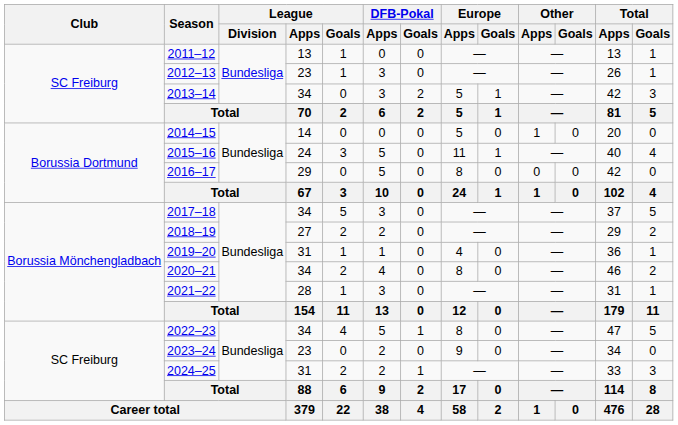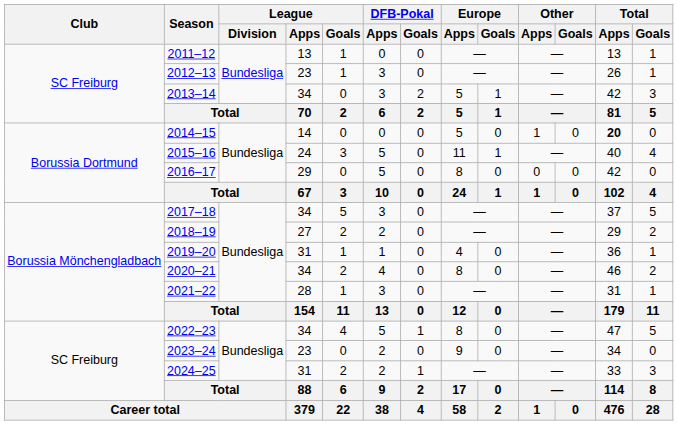 <table class="wikitable" style="text-align:center">
 <tr>
 <th rowspan="2">Club</th>
 <th rowspan="2">Season</th>
 <th colspan="3">League</th>
 <th colspan="2"><a href='#'>DFB-Pokal</a></th>
 <th colspan="2">Europe</th>
 <th colspan="2">Other</th>
 <th colspan="2">Total</th>
 </tr>
 <tr>
 <th>Division</th>
 <th>Apps</th>
 <th>Goals</th>
 <th>Apps</th>
 <th>Goals</th>
 <th>Apps</th>
 <th>Goals</th>
 <th>Apps</th>
 <th>Goals</th>
 <th>Apps</th>
 <th>Goals</th>
 </tr>
 <tr>
 <td rowspan="4"><a href='#'>SC Freiburg</a></td>
 <td><a href='#'>2011–12</a></td>
 <td rowspan="3"><a href='#'>Bundesliga</a></td>
 <td>13</td>
 <td>1</td>
 <td>0</td>
 <td>0</td>
 <td colspan="2">—</td>
 <td colspan="2">—</td>
 <td>13</td>
 <td>1</td>
 </tr>
 <tr>
 <td><a href='#'>2012–13</a></td>
 <td>23</td>
 <td>1</td>
 <td>3</td>
 <td>0</td>
 <td colspan="2">—</td>
 <td colspan="2">—</td>
 <td>26</td>
 <td>1</td>
 </tr>
 <tr>
 <td><a href='#'>2013–14</a></td>
 <td>34</td>
 <td>0</td>
 <td>3</td>
 <td>2</td>
 <td>5</td>
 <td>1</td>
 <td colspan="2">—</td>
 <td>42</td>
 <td>3</td>
 </tr>
 <tr>
 <th colspan="2">Total</th>
 <th>70</th>
 <th>2</th>
 <th>6</th>
 <th>2</th>
 <th>5</th>
 <th>1</th>
 <th colspan="2">—</th>
 <th>81</th>
 <th>5</th>
 </tr>
 <tr>
 <td rowspan="4"><a href='#'>Borussia Dortmund</a></td>
 <td><a href='#'>2014–15</a></td>
 <td rowspan="3">Bundesliga</td>
 <td>14</td>
 <td>0</td>
 <td>0</td>
 <td>0</td>
 <td>5</td>
 <td>0</td>
 <td>1</td>
 <td>0</td>
-<td>20</td>
+<td><strong>20</strong></td>
 <td>0</td>
 </tr>
 <tr>
 <td><a href='#'>2015–16</a></td>
 <td>24</td>
 <td>3</td>
 <td>5</td>
 <td>0</td>
 <td>11</td>
 <td>1</td>
 <td colspan="2">—</td>
 <td>40</td>
 <td>4</td>
 </tr>
 <tr>
 <td><a href='#'>2016–17</a></td>
 <td>29</td>
 <td>0</td>
 <td>5</td>
 <td>0</td>
 <td>8</td>
 <td>0</td>
 <td>0</td>
 <td>0</td>
 <td>42</td>
 <td>0</td>
 </tr>
 <tr>
 <th colspan="2">Total</th>
 <th>67</th>
 <th>3</th>
 <th>10</th>
 <th>0</th>
 <th>24</th>
 <th>1</th>
 <th>1</th>
 <th>0</th>
 <th>102</th>
 <th>4</th>
 </tr>
 <tr>
 <td rowspan="6"><a href='#'>Borussia Mönchengladbach</a></td>
 <td><a href='#'>2017–18</a></td>
 <td rowspan="5">Bundesliga</td>
 <td>34</td>
 <td>5</td>
 <td>3</td>
 <td>0</td>
 <td colspan="2">—</td>
 <td colspan="2">—</td>
 <td>37</td>
 <td>5</td>
 </tr>
 <tr>
 <td><a href='#'>2018–19</a></td>
 <td>27</td>
 <td>2</td>
 <td>2</td>
 <td>0</td>
 <td colspan="2">—</td>
 <td colspan="2">—</td>
 <td>29</td>
 <td>2</td>
 </tr>
 <tr>
 <td><a href='#'>2019–20</a></td>
 <td>31</td>
 <td>1</td>
 <td>1</td>
 <td>0</td>
 <td>4</td>
 <td>0</td>
 <td colspan="2">—</td>
 <td>36</td>
 <td>1</td>
 </tr>
 <tr>
 <td><a href='#'>2020–21</a></td>
 <td>34</td>
 <td>2</td>
 <td>4</td>
 <td>0</td>
 <td>8</td>
 <td>0</td>
 <td colspan="2">—</td>
 <td>46</td>
 <td>2</td>
 </tr>
 <tr>
 <td><a href='#'>2021–22</a></td>
 <td>28</td>
 <td>1</td>
 <td>3</td>
 <td>0</td>
 <td colspan="2">—</td>
 <td colspan="2">—</td>
 <td>31</td>
 <td>1</td>
 </tr>
 <tr>
 <th colspan="2">Total</th>
 <th>154</th>
 <th>11</th>
 <th>13</th>
 <th>0</th>
 <th>12</th>
 <th>0</th>
 <th colspan="2">—</th>
 <th>179</th>
 <th>11</th>
 </tr>
 <tr>
 <td rowspan="4">SC Freiburg</td>
 <td><a href='#'>2022–23</a></td>
 <td rowspan="3">Bundesliga</td>
 <td>34</td>
 <td>4</td>
 <td>5</td>
 <td>1</td>
 <td>8</td>
 <td>0</td>
 <td colspan="2">—</td>
 <td>47</td>
 <td>5</td>
 </tr>
 <tr>
 <td><a href='#'>2023–24</a></td>
 <td>23</td>
 <td>0</td>
 <td>2</td>
 <td>0</td>
 <td>9</td>
 <td>0</td>
 <td colspan="2">—</td>
 <td>34</td>
 <td>0</td>
 </tr>
 <tr>
 <td><a href='#'>2024–25</a></td>
 <td>31</td>
 <td>2</td>
 <td>2</td>
 <td>1</td>
 <td colspan="2">—</td>
 <td colspan="2">—</td>
 <td>33</td>
 <td>3</td>
 </tr>
 <tr>
 <th colspan="2">Total</th>
 <th>88</th>
 <th>6</th>
 <th>9</th>
 <th>2</th>
 <th>17</th>
 <th>0</th>
 <th colspan="2">—</th>
 <th>114</th>
 <th>8</th>
 </tr>
 <tr>
 <th colspan="3">Career total</th>
 <th>379</th>
 <th>22</th>
 <th>38</th>
 <th>4</th>
 <th>58</th>
 <th>2</th>
 <th>1</th>
 <th>0</th>
 <th>476</th>
 <th>28</th>
 </tr>
 </table>
